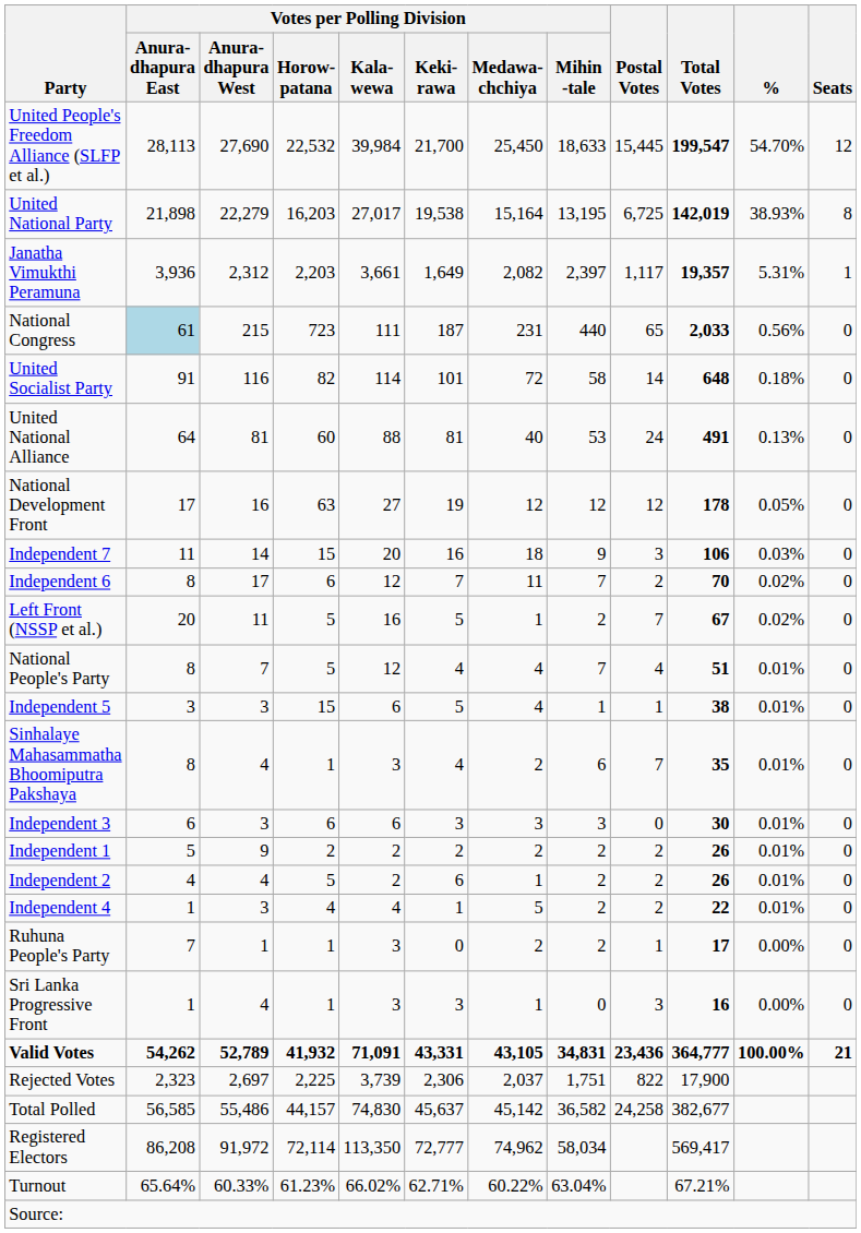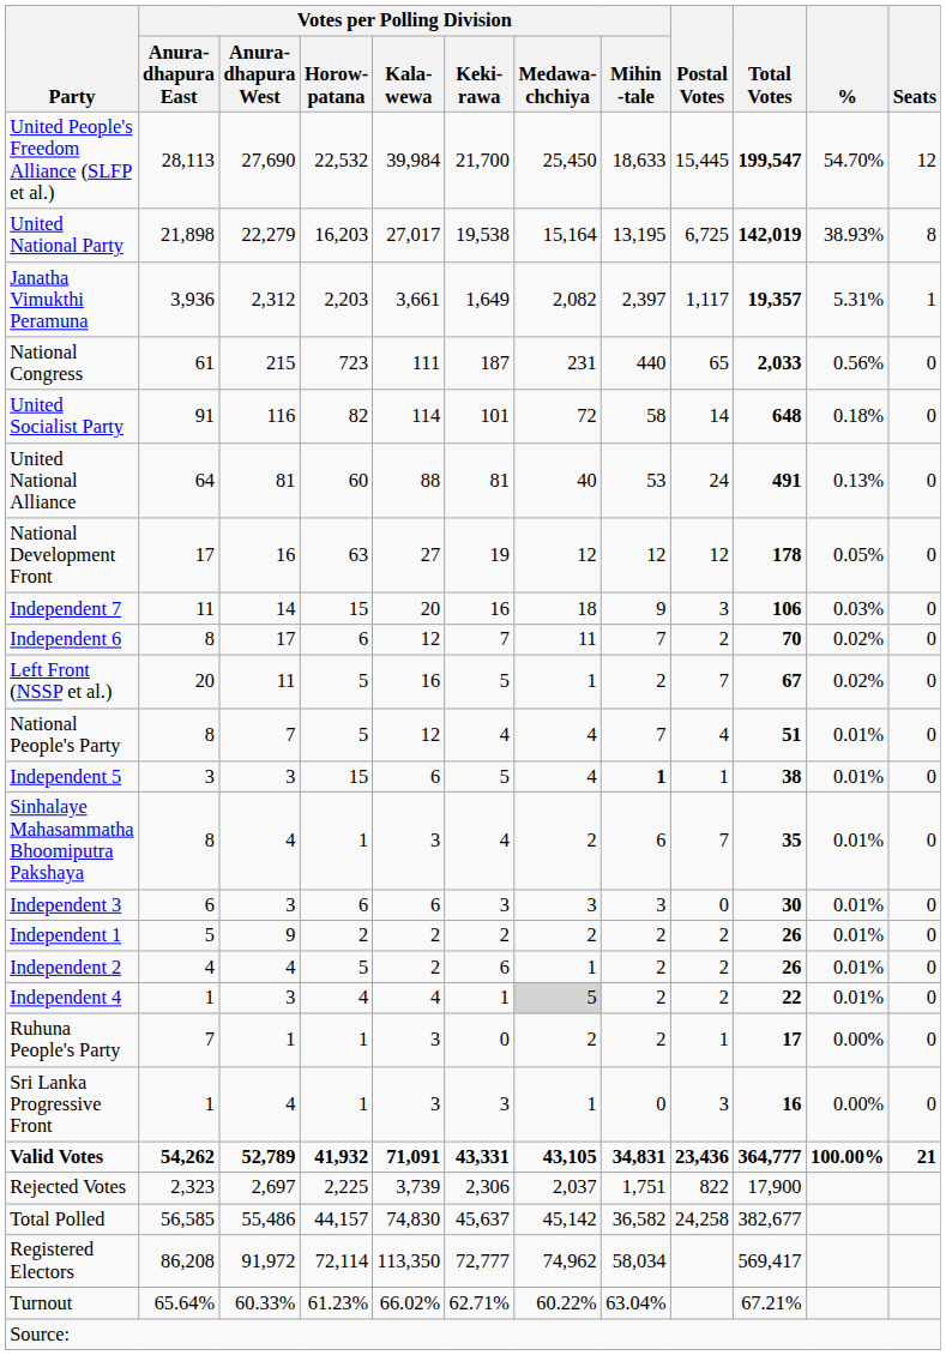 <table class="wikitable" border="1" style="text-align:right;">
 <tr>
 <th align=left valign=bottom rowspan=2 width="180">Party</th>
 <th colspan=7>Votes per Polling Division</th>
 <th align=center valign=bottom rowspan=2 width="50">Postal<br>Votes</th>
 <th align=center valign=bottom rowspan=2 width="50">Total Votes</th>
 <th align=center valign=bottom rowspan=2 width="50">%</th>
 <th align=center valign=bottom rowspan=2 width="40">Seats</th>
 </tr>
 <tr>
 <th align=center valign=bottom width="50">Anura-<br>dhapura<br>East</th>
 <th align=center valign=bottom width="50">Anura-<br>dhapura<br>West</th>
 <th align=center valign=bottom width="50">Horow-<br>patana</th>
 <th align=center valign=bottom width="50">Kala-<br>wewa</th>
 <th align=center valign=bottom width="50">Keki-<br>rawa</th>
 <th align=center valign=bottom width="50">Medawa-<br>chchiya</th>
 <th align=center valign=bottom width="50">Mihin<br>-tale</th>
 </tr>
 <tr>
 <td align=left><a href='#'>United People's Freedom Alliance</a> (<a href='#'>SLFP</a> et al.)</td>
 <td>28,113</td>
 <td>27,690</td>
 <td>22,532</td>
 <td>39,984</td>
 <td>21,700</td>
 <td>25,450</td>
 <td>18,633</td>
 <td>15,445</td>
 <td><strong>199,547</strong></td>
 <td>54.70%</td>
 <td>12</td>
 </tr>
 <tr>
 <td align=left><a href='#'>United National Party</a></td>
 <td>21,898</td>
 <td>22,279</td>
 <td>16,203</td>
 <td>27,017</td>
 <td>19,538</td>
 <td>15,164</td>
 <td>13,195</td>
 <td>6,725</td>
 <td><strong>142,019</strong></td>
 <td>38.93%</td>
 <td>8</td>
 </tr>
 <tr>
 <td align=left><a href='#'>Janatha Vimukthi Peramuna</a></td>
 <td>3,936</td>
 <td>2,312</td>
 <td>2,203</td>
 <td>3,661</td>
 <td>1,649</td>
 <td>2,082</td>
 <td>2,397</td>
 <td>1,117</td>
 <td><strong>19,357</strong></td>
 <td>5.31%</td>
 <td>1</td>
 </tr>
 <tr>
 <td align=left>National Congress</td>
-<td style="background: lightblue;">61</td>
+<td>61</td>
 <td>215</td>
 <td>723</td>
 <td>111</td>
 <td>187</td>
 <td>231</td>
 <td>440</td>
 <td>65</td>
 <td><strong>2,033</strong></td>
 <td>0.56%</td>
 <td>0</td>
 </tr>
 <tr>
 <td align=left><a href='#'>United Socialist Party</a></td>
 <td>91</td>
 <td>116</td>
 <td>82</td>
 <td>114</td>
 <td>101</td>
 <td>72</td>
 <td>58</td>
 <td>14</td>
 <td><strong>648</strong></td>
 <td>0.18%</td>
 <td>0</td>
 </tr>
 <tr>
 <td align=left>United National Alliance</td>
 <td>64</td>
 <td>81</td>
 <td>60</td>
 <td>88</td>
 <td>81</td>
 <td>40</td>
 <td>53</td>
 <td>24</td>
 <td><strong>491</strong></td>
 <td>0.13%</td>
 <td>0</td>
 </tr>
 <tr>
 <td align=left>National Development Front</td>
 <td>17</td>
 <td>16</td>
 <td>63</td>
 <td>27</td>
 <td>19</td>
 <td>12</td>
 <td>12</td>
 <td>12</td>
 <td><strong>178</strong></td>
 <td>0.05%</td>
 <td>0</td>
 </tr>
 <tr>
 <td align=left><a href='#'>Independent 7</a></td>
 <td>11</td>
 <td>14</td>
 <td>15</td>
 <td>20</td>
 <td>16</td>
 <td>18</td>
 <td>9</td>
 <td>3</td>
 <td><strong>106</strong></td>
 <td>0.03%</td>
 <td>0</td>
 </tr>
 <tr>
 <td align=left><a href='#'>Independent 6</a></td>
 <td>8</td>
 <td>17</td>
 <td>6</td>
 <td>12</td>
 <td>7</td>
 <td>11</td>
 <td>7</td>
 <td>2</td>
 <td><strong>70</strong></td>
 <td>0.02%</td>
 <td>0</td>
 </tr>
 <tr>
 <td align=left><a href='#'>Left Front</a> (<a href='#'>NSSP</a> et al.)</td>
 <td>20</td>
 <td>11</td>
 <td>5</td>
 <td>16</td>
 <td>5</td>
 <td>1</td>
 <td>2</td>
 <td>7</td>
 <td><strong>67</strong></td>
 <td>0.02%</td>
 <td>0</td>
 </tr>
 <tr>
 <td align=left>National People's Party</td>
 <td>8</td>
 <td>7</td>
 <td>5</td>
 <td>12</td>
 <td>4</td>
 <td>4</td>
 <td>7</td>
 <td>4</td>
 <td><strong>51</strong></td>
 <td>0.01%</td>
 <td>0</td>
 </tr>
 <tr>
 <td align=left><a href='#'>Independent 5</a></td>
 <td>3</td>
 <td>3</td>
 <td>15</td>
 <td>6</td>
 <td>5</td>
 <td>4</td>
-<td>1</td>
+<td><strong>1</strong></td>
 <td>1</td>
 <td><strong>38</strong></td>
 <td>0.01%</td>
 <td>0</td>
 </tr>
 <tr>
 <td align=left><a href='#'>Sinhalaye Mahasammatha Bhoomiputra Pakshaya</a></td>
 <td>8</td>
 <td>4</td>
 <td>1</td>
 <td>3</td>
 <td>4</td>
 <td>2</td>
 <td>6</td>
 <td>7</td>
 <td><strong>35</strong></td>
 <td>0.01%</td>
 <td>0</td>
 </tr>
 <tr>
 <td align=left><a href='#'>Independent 3</a></td>
 <td>6</td>
 <td>3</td>
 <td>6</td>
 <td>6</td>
 <td>3</td>
 <td>3</td>
 <td>3</td>
 <td>0</td>
 <td><strong>30</strong></td>
 <td>0.01%</td>
 <td>0</td>
 </tr>
 <tr>
 <td align=left><a href='#'>Independent 1</a></td>
 <td>5</td>
 <td>9</td>
 <td>2</td>
 <td>2</td>
 <td>2</td>
 <td>2</td>
 <td>2</td>
 <td>2</td>
 <td><strong>26</strong></td>
 <td>0.01%</td>
 <td>0</td>
 </tr>
 <tr>
 <td align=left><a href='#'>Independent 2</a></td>
 <td>4</td>
 <td>4</td>
 <td>5</td>
 <td>2</td>
 <td>6</td>
 <td>1</td>
 <td>2</td>
 <td>2</td>
 <td><strong>26</strong></td>
 <td>0.01%</td>
 <td>0</td>
 </tr>
 <tr>
 <td align=left><a href='#'>Independent 4</a></td>
 <td>1</td>
 <td>3</td>
 <td>4</td>
 <td>4</td>
 <td>1</td>
-<td>5</td>
+<td style="background: lightgrey;">5</td>
 <td>2</td>
 <td>2</td>
 <td><strong>22</strong></td>
 <td>0.01%</td>
 <td>0</td>
 </tr>
 <tr>
 <td align=left>Ruhuna People's Party</td>
 <td>7</td>
 <td>1</td>
 <td>1</td>
 <td>3</td>
 <td>0</td>
 <td>2</td>
 <td>2</td>
 <td>1</td>
 <td><strong>17</strong></td>
 <td>0.00%</td>
 <td>0</td>
 </tr>
 <tr>
 <td align=left>Sri Lanka Progressive Front</td>
 <td>1</td>
 <td>4</td>
 <td>1</td>
 <td>3</td>
 <td>3</td>
 <td>1</td>
 <td>0</td>
 <td>3</td>
 <td><strong>16</strong></td>
 <td>0.00%</td>
 <td>0</td>
 </tr>
 <tr>
 <td align=left><strong>Valid Votes</strong></td>
 <td><strong>54,262</strong></td>
 <td><strong>52,789</strong></td>
 <td><strong>41,932</strong></td>
 <td><strong>71,091</strong></td>
 <td><strong>43,331</strong></td>
 <td><strong>43,105</strong></td>
 <td><strong>34,831</strong></td>
 <td><strong>23,436</strong></td>
 <td><strong>364,777</strong></td>
 <td><strong>100.00%</strong></td>
 <td><strong>21</strong></td>
 </tr>
 <tr>
 <td align=left>Rejected Votes</td>
 <td>2,323</td>
 <td>2,697</td>
 <td>2,225</td>
 <td>3,739</td>
 <td>2,306</td>
 <td>2,037</td>
 <td>1,751</td>
 <td>822</td>
 <td>17,900</td>
 <td></td>
 <td></td>
 </tr>
 <tr>
 <td align=left>Total Polled</td>
 <td>56,585</td>
 <td>55,486</td>
 <td>44,157</td>
 <td>74,830</td>
 <td>45,637</td>
 <td>45,142</td>
 <td>36,582</td>
 <td>24,258</td>
 <td>382,677</td>
 <td></td>
 <td></td>
 </tr>
 <tr>
 <td align=left>Registered Electors</td>
 <td>86,208</td>
 <td>91,972</td>
 <td>72,114</td>
 <td>113,350</td>
 <td>72,777</td>
 <td>74,962</td>
 <td>58,034</td>
 <td></td>
 <td>569,417</td>
 <td></td>
 <td></td>
 </tr>
 <tr>
 <td align=left>Turnout</td>
 <td>65.64%</td>
 <td>60.33%</td>
 <td>61.23%</td>
 <td>66.02%</td>
 <td>62.71%</td>
 <td>60.22%</td>
 <td>63.04%</td>
 <td></td>
 <td>67.21%</td>
 <td></td>
 <td></td>
 </tr>
 <tr>
 <td align=left colspan=13>Source:</td>
 </tr>
 </table>
